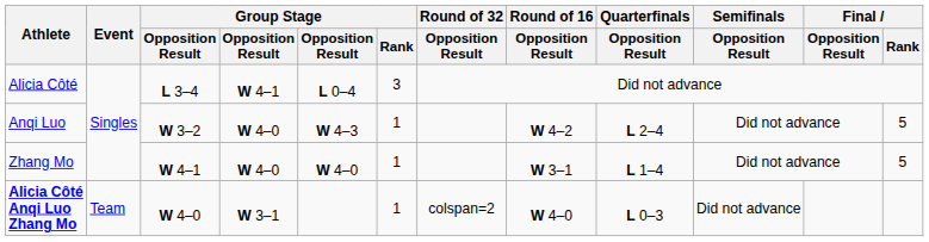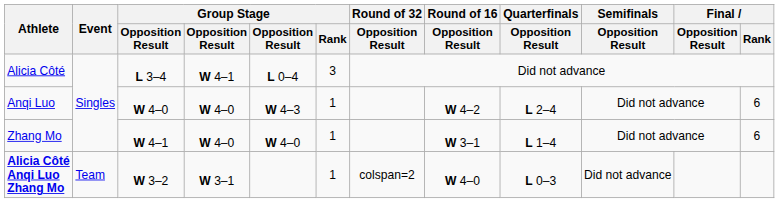 <table class="wikitable" style="font-size:90%">
 <tr>
 <th rowspan=2>Athlete</th>
 <th rowspan=2>Event</th>
 <th colspan=4>Group Stage</th>
 <th>Round of 32</th>
 <th>Round of 16</th>
 <th>Quarterfinals</th>
 <th>Semifinals</th>
 <th colspan=2>Final / </th>
 </tr>
 <tr style="font-size:95%">
 <th>Opposition<br>Result</th>
 <th>Opposition<br>Result</th>
 <th>Opposition<br>Result</th>
 <th>Rank</th>
 <th>Opposition<br>Result</th>
 <th>Opposition<br>Result</th>
 <th>Opposition<br>Result</th>
 <th>Opposition<br>Result</th>
 <th>Opposition<br>Result</th>
 <th>Rank</th>
 </tr>
 <tr align=center>
 <td align=left><a href='#'>Alicia Côté</a></td>
 <td align=left rowspan=3><a href='#'>Singles</a></td>
 <td><br><strong>L</strong> 3–4</td>
 <td><br><strong>W</strong> 4–1</td>
 <td><br><strong>L</strong> 0–4</td>
 <td>3</td>
 <td colspan=6>Did not advance</td>
 </tr>
 <tr align=center>
 <td align=left><a href='#'>Anqi Luo</a></td>
-<td><br><strong>W</strong> 3–2</td>
+<td><br><strong>W</strong> 4–0</td>
 <td><br><strong>W</strong> 4–0</td>
 <td><br><strong>W</strong> 4–3</td>
 <td>1</td>
 <td></td>
 <td><br><strong>W</strong> 4–2</td>
 <td><br><strong>L</strong> 2–4</td>
 <td colspan=2>Did not advance</td>
-<td>5</td>
+<td>6</td>
 </tr>
 <tr align=center>
 <td align=left><a href='#'>Zhang Mo</a></td>
 <td><br><strong>W</strong> 4–1</td>
 <td><br><strong>W</strong> 4–0</td>
 <td><br><strong>W</strong> 4–0</td>
 <td>1</td>
 <td></td>
 <td><br><strong>W</strong> 3–1</td>
 <td><br><strong>L</strong> 1–4</td>
 <td colspan=2>Did not advance</td>
-<td>5</td>
+<td>6</td>
 </tr>
 <tr align=center>
 <td align=left><strong><a href='#'>Alicia Côté</a><br><a href='#'>Anqi Luo</a><br><a href='#'>Zhang Mo</a></strong></td>
 <td align=left><a href='#'>Team</a></td>
-<td><br><strong>W</strong> 4–0</td>
+<td><br><strong>W</strong> 3–2</td>
 <td><br><strong>W</strong> 3–1</td>
 <td></td>
 <td>1</td>
 <td>colspan=2 </td>
 <td><br><strong>W</strong> 4–0</td>
 <td><br><strong>L</strong> 0–3</td>
 <td>Did not advance</td>
 <td></td>
 </tr>
 </table>
